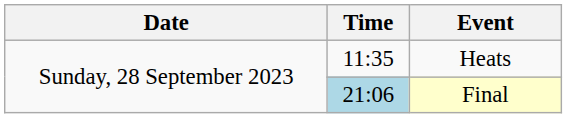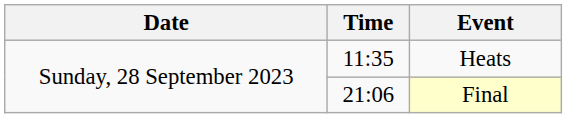 <table class = "wikitable" style="text-align:center;">
 <tr>
 <th width=220>Date</th>
 <th width=50>Time</th>
 <th width=100>Event</th>
 </tr>
 <tr>
 <td rowspan=2>Sunday, 28 September 2023</td>
 <td>11:35</td>
 <td>Heats</td>
 </tr>
 <tr>
-<td style="background: lightblue;">21:06</td>
+<td>21:06</td>
 <td bgcolor=ffffcc>Final</td>
 </tr>
 </table>
